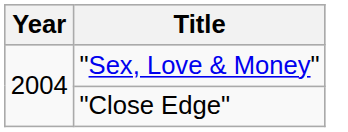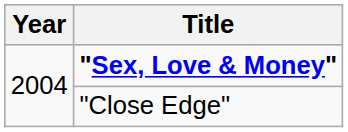 <table class="wikitable">
 <tr>
 <th>Year</th>
 <th>Title</th>
 </tr>
 <tr>
 <td rowspan=2>2004</td>
-<td>"<a href='#'>Sex, Love & Money</a>"</td>
+<td><strong>"<a href='#'>Sex, Love & Money</a>"</strong></td>
 </tr>
 <tr>
 <td>"Close Edge"</td>
 </tr>
 </table>
